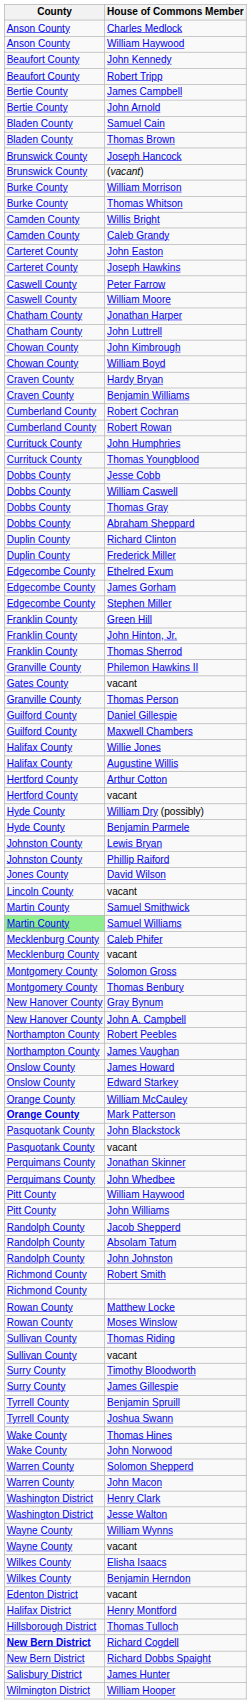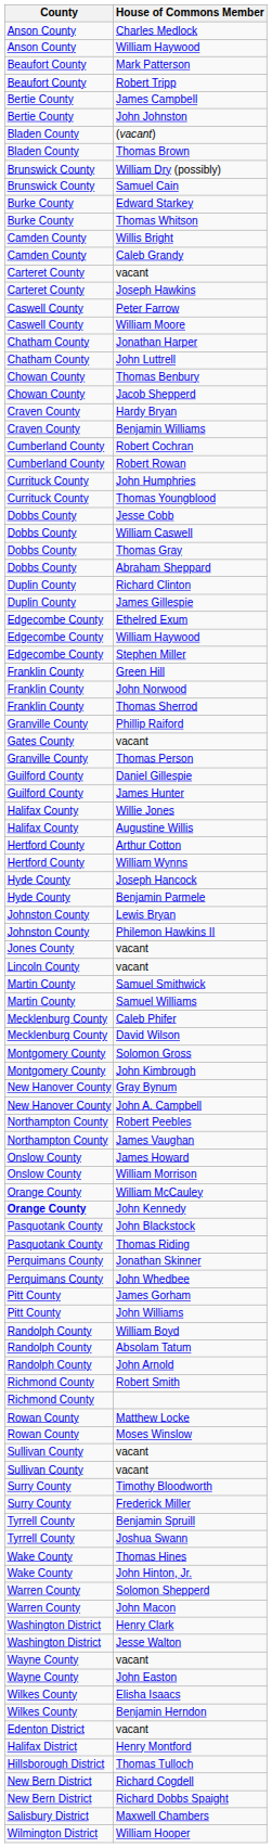 <table class="wikitable sortable mw-datatable">
 <tr>
 <th>County</th>
 <th>House of Commons Member</th>
 </tr>
 <tr>
 <td><a href='#'>Anson County</a></td>
 <td data-sort-value="Medlock, Charles"><a href='#'>Charles Medlock</a></td>
 </tr>
 <tr>
 <td><a href='#'>Anson County</a></td>
 <td data-sort-value="Haywood, William"><a href='#'>William Haywood</a></td>
 </tr>
 <tr>
 <td><a href='#'>Beaufort County</a></td>
-<td data-sort-value="Kennedy, John"><a href='#'>John Kennedy</a></td>
+<td data-sort-value="Patterson, Mark"><a href='#'>Mark Patterson</a></td>
 </tr>
 <tr>
 <td><a href='#'>Beaufort County</a></td>
 <td data-sort-value="Tripp, Robert"><a href='#'>Robert Tripp</a></td>
 </tr>
 <tr>
 <td><a href='#'>Bertie County</a></td>
 <td data-sort-value="Campbell, James"><a href='#'>James Campbell</a></td>
 </tr>
 <tr>
 <td><a href='#'>Bertie County</a></td>
-<td data-sort-value="Arnold, John"><a href='#'>John Arnold</a></td>
+<td data-sort-value="Johnston, John"><a href='#'>John Johnston</a></td>
 </tr>
 <tr>
 <td><a href='#'>Bladen County</a></td>
-<td data-sort-value="Cain, Samuel"><a href='#'>Samuel Cain</a></td>
+<td data-sort-value="(vacant)">(<em>vacant</em>)</td>
 </tr>
 <tr>
 <td><a href='#'>Bladen County</a></td>
 <td data-sort-value="Brown, Thomas"><a href='#'>Thomas Brown</a></td>
 </tr>
 <tr>
 <td><a href='#'>Brunswick County</a></td>
-<td data-sort-value="Hancock, Joseph"><a href='#'>Joseph Hancock</a></td>
+<td data-sort-value="Dry, William"><a href='#'>William Dry</a> (possibly)</td>
 </tr>
 <tr>
 <td><a href='#'>Brunswick County</a></td>
-<td data-sort-value="(vacant)">(<em>vacant</em>)</td>
+<td data-sort-value="Cain, Samuel"><a href='#'>Samuel Cain</a></td>
 </tr>
 <tr>
 <td><a href='#'>Burke County</a></td>
-<td data-sort-value="Morrison, William"><a href='#'>William Morrison</a></td>
+<td data-sort-value="Starkey, Edward"><a href='#'>Edward Starkey</a></td>
 </tr>
 <tr>
 <td><a href='#'>Burke County</a></td>
 <td data-sort-value="Whitson, Thomas"><a href='#'>Thomas Whitson</a></td>
 </tr>
 <tr>
 <td><a href='#'>Camden County</a></td>
 <td data-sort-value="Bright, Willis"><a href='#'>Willis Bright</a></td>
 </tr>
 <tr>
 <td><a href='#'>Camden County</a></td>
 <td data-sort-value="Grandy, Caleb"><a href='#'>Caleb Grandy</a></td>
 </tr>
 <tr>
 <td><a href='#'>Carteret County</a></td>
-<td data-sort-value="Easton, John"><a href='#'>John Easton</a></td>
+<td data-sort-value="(vacant)">vacant</td>
 </tr>
 <tr>
 <td><a href='#'>Carteret County</a></td>
 <td data-sort-value="Hawkins, Joseph"><a href='#'>Joseph Hawkins</a></td>
 </tr>
 <tr>
 <td><a href='#'>Caswell County</a></td>
 <td data-sort-value="Farrow, Peter"><a href='#'>Peter Farrow</a></td>
 </tr>
 <tr>
 <td><a href='#'>Caswell County</a></td>
 <td data-sort-value="Moore, William"><a href='#'>William Moore</a></td>
 </tr>
 <tr>
 <td><a href='#'>Chatham County</a></td>
 <td data-sort-value="Harper, Jonathan"><a href='#'>Jonathan Harper</a></td>
 </tr>
 <tr>
 <td><a href='#'>Chatham County</a></td>
 <td data-sort-value="Luttrell, John"><a href='#'>John Luttrell</a></td>
 </tr>
 <tr>
 <td><a href='#'>Chowan County</a></td>
-<td data-sort-value="Kimbrough, John"><a href='#'>John Kimbrough</a></td>
+<td data-sort-value="Benbury, Thomas"><a href='#'>Thomas Benbury</a></td>
 </tr>
 <tr>
 <td><a href='#'>Chowan County</a></td>
-<td data-sort-value="Boyd, William"><a href='#'>William Boyd</a></td>
+<td data-sort-value="Shepperd, Jacob"><a href='#'>Jacob Shepperd</a></td>
 </tr>
 <tr>
 <td><a href='#'>Craven County</a></td>
 <td data-sort-value="Bryan, Hardy"><a href='#'>Hardy Bryan</a></td>
 </tr>
 <tr>
 <td><a href='#'>Craven County</a></td>
 <td data-sort-value="Williams, Benjamin"><a href='#'>Benjamin Williams</a></td>
 </tr>
 <tr>
 <td><a href='#'>Cumberland County</a></td>
 <td data-sort-value="Cochran, Robert"><a href='#'>Robert Cochran</a></td>
 </tr>
 <tr>
 <td><a href='#'>Cumberland County</a></td>
 <td data-sort-value="Rowan, Robert"><a href='#'>Robert Rowan</a></td>
 </tr>
 <tr>
 <td><a href='#'>Currituck County</a></td>
 <td data-sort-value="Humphries, John"><a href='#'>John Humphries</a></td>
 </tr>
 <tr>
 <td><a href='#'>Currituck County</a></td>
 <td data-sort-value="Youngblood, Thomas"><a href='#'>Thomas Youngblood</a></td>
 </tr>
 <tr>
 <td><a href='#'>Dobbs County</a></td>
 <td data-sort-value="Cobb, Jesse"><a href='#'>Jesse Cobb</a></td>
 </tr>
 <tr>
 <td><a href='#'>Dobbs County</a></td>
 <td data-sort-value="Caswell, William"><a href='#'>William Caswell</a></td>
 </tr>
 <tr>
 <td><a href='#'>Dobbs County</a></td>
 <td data-sort-value="Gray, Thomas"><a href='#'>Thomas Gray</a></td>
 </tr>
 <tr>
 <td><a href='#'>Dobbs County</a></td>
 <td data-sort-value="Sheppard, Abraham"><a href='#'>Abraham Sheppard</a></td>
 </tr>
 <tr>
 <td><a href='#'>Duplin County</a></td>
 <td data-sort-value="Clinton, Richard"><a href='#'>Richard Clinton</a></td>
 </tr>
 <tr>
 <td><a href='#'>Duplin County</a></td>
-<td data-sort-value="Miller, Frederick"><a href='#'>Frederick Miller</a></td>
+<td data-sort-value="Gillespie, James"><a href='#'>James Gillespie</a></td>
 </tr>
 <tr>
 <td><a href='#'>Edgecombe County</a></td>
 <td data-sort-value="Exum, Ethelred"><a href='#'>Ethelred Exum</a></td>
 </tr>
 <tr>
 <td><a href='#'>Edgecombe County</a></td>
-<td data-sort-value="Gorham, James"><a href='#'>James Gorham</a></td>
+<td data-sort-value="Haywood, William"><a href='#'>William Haywood</a></td>
 </tr>
 <tr>
 <td><a href='#'>Edgecombe County</a></td>
 <td data-sort-value="Miller, Stephen"><a href='#'>Stephen Miller</a></td>
 </tr>
 <tr>
 <td><a href='#'>Franklin County</a></td>
 <td data-sort-value="Hill, Green"><a href='#'>Green Hill</a></td>
 </tr>
 <tr>
 <td><a href='#'>Franklin County</a></td>
-<td data-sort-value="Hinton, John, Jr."><a href='#'>John Hinton, Jr.</a></td>
+<td data-sort-value="Norwood, John"><a href='#'>John Norwood</a></td>
 </tr>
 <tr>
 <td><a href='#'>Franklin County</a></td>
 <td data-sort-value="Sherrod, Thomas"><a href='#'>Thomas Sherrod</a></td>
 </tr>
 <tr>
 <td><a href='#'>Granville County</a></td>
-<td data-sort-value="Hawkins, Philemon, III"><a href='#'>Philemon Hawkins II</a></td>
+<td data-sort-value="Raiford, Phillip"><a href='#'>Phillip Raiford</a></td>
 </tr>
 <tr>
 <td><a href='#'>Gates County</a></td>
 <td>vacant</td>
 </tr>
 <tr>
 <td><a href='#'>Granville County</a></td>
 <td data-sort-value="Person, Thomas"><a href='#'>Thomas Person</a></td>
 </tr>
 <tr>
 <td><a href='#'>Guilford County</a></td>
 <td data-sort-value="Gillespie, Daniel"><a href='#'>Daniel Gillespie</a></td>
 </tr>
 <tr>
 <td><a href='#'>Guilford County</a></td>
-<td data-sort-value="Chambers, Maxwell"><a href='#'>Maxwell Chambers</a></td>
+<td data-sort-value="Hunter, James"><a href='#'>James Hunter</a></td>
 </tr>
 <tr>
 <td><a href='#'>Halifax County</a></td>
 <td data-sort-value="Jones, Willie"><a href='#'>Willie Jones</a></td>
 </tr>
 <tr>
 <td><a href='#'>Halifax County</a></td>
 <td data-sort-value="Willis, Augustine"><a href='#'>Augustine Willis</a></td>
 </tr>
 <tr>
 <td><a href='#'>Hertford County</a></td>
 <td data-sort-value="Cotton, Arthur"><a href='#'>Arthur Cotton</a></td>
 </tr>
 <tr>
 <td><a href='#'>Hertford County</a></td>
-<td data-sort-value="(vacant)">vacant</td>
+<td data-sort-value="Wynns, William"><a href='#'>William Wynns</a></td>
 </tr>
 <tr>
 <td><a href='#'>Hyde County</a></td>
-<td data-sort-value="Dry, William"><a href='#'>William Dry</a> (possibly)</td>
+<td data-sort-value="Hancock, Joseph"><a href='#'>Joseph Hancock</a></td>
 </tr>
 <tr>
 <td><a href='#'>Hyde County</a></td>
 <td data-sort-value="Parmele, Benjamin"><a href='#'>Benjamin Parmele</a></td>
 </tr>
 <tr>
 <td><a href='#'>Johnston County</a></td>
 <td data-sort-value="Bryan, Lewis"><a href='#'>Lewis Bryan</a></td>
 </tr>
 <tr>
 <td><a href='#'>Johnston County</a></td>
-<td data-sort-value="Raiford, Phillip"><a href='#'>Phillip Raiford</a></td>
+<td data-sort-value="Hawkins, Philemon, III"><a href='#'>Philemon Hawkins II</a></td>
 </tr>
 <tr>
 <td><a href='#'>Jones County</a></td>
-<td data-sort-value="Wilson, David"><a href='#'>David Wilson</a></td>
+<td>vacant</td>
 </tr>
 <tr>
 <td><a href='#'>Lincoln County</a></td>
 <td>vacant</td>
 </tr>
 <tr>
 <td><a href='#'>Martin County</a></td>
 <td data-sort-value="Smithwick, Samuel"><a href='#'>Samuel Smithwick</a></td>
 </tr>
 <tr>
-<td style="background: lightgreen;"><a href='#'>Martin County</a></td>
+<td><a href='#'>Martin County</a></td>
 <td data-sort-value="Williams, Samuel"><a href='#'>Samuel Williams</a></td>
 </tr>
 <tr>
 <td><a href='#'>Mecklenburg County</a></td>
 <td data-sort-value="Phifer, Caleb"><a href='#'>Caleb Phifer</a></td>
 </tr>
 <tr>
 <td><a href='#'>Mecklenburg County</a></td>
-<td>vacant</td>
+<td data-sort-value="Wilson, David"><a href='#'>David Wilson</a></td>
 </tr>
 <tr>
 <td><a href='#'>Montgomery County</a></td>
 <td data-sort-value="Gross, Solomon"><a href='#'>Solomon Gross</a></td>
 </tr>
 <tr>
 <td><a href='#'>Montgomery County</a></td>
-<td data-sort-value="Benbury, Thomas"><a href='#'>Thomas Benbury</a></td>
+<td data-sort-value="Kimbrough, John"><a href='#'>John Kimbrough</a></td>
 </tr>
 <tr>
 <td><a href='#'>New Hanover County</a></td>
 <td data-sort-value="Bynum, Gray"><a href='#'>Gray Bynum</a></td>
 </tr>
 <tr>
 <td><a href='#'>New Hanover County</a></td>
 <td data-sort-value="Campbell, John A."><a href='#'>John A. Campbell</a></td>
 </tr>
 <tr>
 <td><a href='#'>Northampton County</a></td>
 <td data-sort-value="Peebles, Robert"><a href='#'>Robert Peebles</a></td>
 </tr>
 <tr>
 <td><a href='#'>Northampton County</a></td>
 <td data-sort-value="Vaughan, James"><a href='#'>James Vaughan</a></td>
 </tr>
 <tr>
 <td><a href='#'>Onslow County</a></td>
 <td data-sort-value="Howard, James"><a href='#'>James Howard</a></td>
 </tr>
 <tr>
 <td><a href='#'>Onslow County</a></td>
-<td data-sort-value="Starkey, Edward"><a href='#'>Edward Starkey</a></td>
+<td data-sort-value="Morrison, William"><a href='#'>William Morrison</a></td>
 </tr>
 <tr>
 <td><a href='#'>Orange County</a></td>
 <td data-sort-value="McCauley, William"><a href='#'>William McCauley</a></td>
 </tr>
 <tr>
 <td><strong><a href='#'>Orange County</a></strong></td>
-<td data-sort-value="Patterson, Mark"><a href='#'>Mark Patterson</a></td>
+<td data-sort-value="Kennedy, John"><a href='#'>John Kennedy</a></td>
 </tr>
 <tr>
 <td><a href='#'>Pasquotank County</a></td>
 <td data-sort-value="Blackstock, John"><a href='#'>John Blackstock</a></td>
 </tr>
 <tr>
 <td><a href='#'>Pasquotank County</a></td>
-<td data-sort-value="(vacant)">vacant</td>
+<td data-sort-value="Riding, Thomas"><a href='#'>Thomas Riding</a></td>
 </tr>
 <tr>
 <td><a href='#'>Perquimans County</a></td>
 <td data-sort-value="Skinner, Jonathan"><a href='#'>Jonathan Skinner</a></td>
 </tr>
 <tr>
 <td><a href='#'>Perquimans County</a></td>
 <td data-sort-value="Whedbee, John"><a href='#'>John Whedbee</a></td>
 </tr>
 <tr>
 <td><a href='#'>Pitt County</a></td>
-<td data-sort-value="Haywood, William"><a href='#'>William Haywood</a></td>
+<td data-sort-value="Gorham, James"><a href='#'>James Gorham</a></td>
 </tr>
 <tr>
 <td><a href='#'>Pitt County</a></td>
 <td data-sort-value="Williams, John"><a href='#'>John Williams</a></td>
 </tr>
 <tr>
 <td><a href='#'>Randolph County</a></td>
-<td data-sort-value="Shepperd, Jacob"><a href='#'>Jacob Shepperd</a></td>
+<td data-sort-value="Boyd, William"><a href='#'>William Boyd</a></td>
 </tr>
 <tr>
 <td><a href='#'>Randolph County</a></td>
 <td data-sort-value="Tatum, Absolam"><a href='#'>Absolam Tatum</a></td>
 </tr>
 <tr>
 <td><a href='#'>Randolph County</a></td>
-<td data-sort-value="Johnston, John"><a href='#'>John Johnston</a></td>
+<td data-sort-value="Arnold, John"><a href='#'>John Arnold</a></td>
 </tr>
 <tr>
 <td><a href='#'>Richmond County</a></td>
 <td data-sort-value="Smith, Robert"><a href='#'>Robert Smith</a></td>
 </tr>
 <tr>
 <td><a href='#'>Richmond County</a></td>
 <td data-sort-value="(vacant)"></td>
 </tr>
 <tr>
 <td><a href='#'>Rowan County</a></td>
 <td data-sort-value="Locke, Matthew"><a href='#'>Matthew Locke</a></td>
 </tr>
 <tr>
 <td><a href='#'>Rowan County</a></td>
 <td data-sort-value="Winslow, Moses"><a href='#'>Moses Winslow</a></td>
 </tr>
 <tr>
 <td><a href='#'>Sullivan County</a></td>
-<td data-sort-value="Riding, Thomas"><a href='#'>Thomas Riding</a></td>
+<td data-sort-value="(vacant)">vacant</td>
 </tr>
 <tr>
 <td><a href='#'>Sullivan County</a></td>
 <td data-sort-value="(vacant)">vacant</td>
 </tr>
 <tr>
 <td><a href='#'>Surry County</a></td>
 <td data-sort-value="Bloodworth, Timothy"><a href='#'>Timothy Bloodworth</a></td>
 </tr>
 <tr>
 <td><a href='#'>Surry County</a></td>
-<td data-sort-value="Gillespie, James"><a href='#'>James Gillespie</a></td>
+<td data-sort-value="Miller, Frederick"><a href='#'>Frederick Miller</a></td>
 </tr>
 <tr>
 <td><a href='#'>Tyrrell County</a></td>
 <td data-sort-value="Spruill, Benjamin"><a href='#'>Benjamin Spruill</a></td>
 </tr>
 <tr>
 <td><a href='#'>Tyrrell County</a></td>
 <td data-sort-value="Swann, Joshua"><a href='#'>Joshua Swann</a></td>
 </tr>
 <tr>
 <td><a href='#'>Wake County</a></td>
 <td data-sort-value="Hines, Thomas"><a href='#'>Thomas Hines</a></td>
 </tr>
 <tr>
 <td><a href='#'>Wake County</a></td>
-<td data-sort-value="Norwood, John"><a href='#'>John Norwood</a></td>
+<td data-sort-value="Hinton, John, Jr."><a href='#'>John Hinton, Jr.</a></td>
 </tr>
 <tr>
 <td><a href='#'>Warren County</a></td>
 <td data-sort-value="Shepperd, Solomon"><a href='#'>Solomon Shepperd</a></td>
 </tr>
 <tr>
 <td><a href='#'>Warren County</a></td>
 <td data-sort-value="Macon, John"><a href='#'>John Macon</a></td>
 </tr>
 <tr>
 <td><a href='#'>Washington District</a></td>
 <td data-sort-value="Clark, Henry"><a href='#'>Henry Clark</a></td>
 </tr>
 <tr>
 <td><a href='#'>Washington District</a></td>
 <td data-sort-value="walton, Jesse"><a href='#'>Jesse Walton</a></td>
 </tr>
 <tr>
 <td><a href='#'>Wayne County</a></td>
-<td data-sort-value="Wynns, William"><a href='#'>William Wynns</a></td>
+<td data-sort-value="(vacant)">vacant</td>
 </tr>
 <tr>
 <td><a href='#'>Wayne County</a></td>
-<td data-sort-value="(vacant)">vacant</td>
+<td data-sort-value="Easton, John"><a href='#'>John Easton</a></td>
 </tr>
 <tr>
 <td><a href='#'>Wilkes County</a></td>
 <td data-sort-value="Isaacs, Elisha"><a href='#'>Elisha Isaacs</a></td>
 </tr>
 <tr>
 <td><a href='#'>Wilkes County</a></td>
 <td data-sort-value="Herndon, Benjamin"><a href='#'>Benjamin Herndon</a></td>
 </tr>
 <tr>
 <td><a href='#'>Edenton District</a></td>
 <td data-sort-value="(vacant)">vacant</td>
 </tr>
 <tr>
 <td><a href='#'>Halifax District</a></td>
 <td data-sort-value="Montford, Henry"><a href='#'>Henry Montford</a></td>
 </tr>
 <tr>
 <td><a href='#'>Hillsborough District</a></td>
 <td data-sort-value="Tulloch, Thomas"><a href='#'>Thomas Tulloch</a></td>
 </tr>
 <tr>
-<td><strong><a href='#'>New Bern District</a></strong></td>
+<td><a href='#'>New Bern District</a></td>
 <td data-sort-value="Cogdell, Richard"><a href='#'>Richard Cogdell</a></td>
 </tr>
 <tr>
 <td><a href='#'>New Bern District</a></td>
 <td data-sort-value="Spaight, Richard Dobbs"><a href='#'>Richard Dobbs Spaight</a></td>
 </tr>
 <tr>
 <td><a href='#'>Salisbury District</a></td>
-<td data-sort-value="Hunter, James"><a href='#'>James Hunter</a></td>
+<td data-sort-value="Chambers, Maxwell"><a href='#'>Maxwell Chambers</a></td>
 </tr>
 <tr>
 <td><a href='#'>Wilmington District</a></td>
 <td data-sort-value="Hooper, William"><a href='#'>William Hooper</a></td>
 </tr>
 </table>
